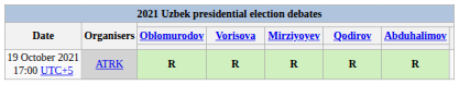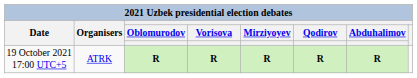 <table class="wikitable" style="font-size:95%; text-align:center;">
 <tr>
 <th colspan="8" style="background:#B0C4DE;">2021 Uzbek presidential election debates</th>
 </tr>
 <tr>
 <th rowspan="3">Date</th>
 <th rowspan="3">Organisers</th>
 <th colspan="10">    </th>
 </tr>
 <tr>
 <th scope="col" style="width:5em;"><a href='#'>Oblomurodov</a></th>
 <th scope="col" style="width:5em;"><a href='#'>Vorisova</a></th>
 <th scope="col" style="width:5em;"><a href='#'>Mirziyoyev</a></th>
 <th scope="col" style="width:5em;"><a href='#'>Qodirov</a></th>
 <th scope="col" style="width:5em;"><a href='#'>Abduhalimov</a></th>
 <th rowspan="2"></th>
 </tr>
 <tr>
 <th style="background:"></th>
 <th style="background:"></th>
 <th style="background:"></th>
 <th style="background:"></th>
 <th style="background:"></th>
 </tr>
 <tr>
 <td style="white-space:nowrap; text-align:center;">19 October 2021<br>17:00 <a href='#'>UTC+5</a></td>
-<td style="background: lightgrey; white-space:nowrap; text-align:center;"><a href='#'>ATRK</a></td>
+<td style="white-space:nowrap; text-align:center;"><a href='#'>ATRK</a></td>
 <td style="background:#D0F0C0;"><strong>R</strong><br></td>
 <td style="background:#D0F0C0;"><strong>R</strong><br></td>
 <td style="background:#D0F0C0;"><strong>R</strong><br></td>
 <td style="background:#D0F0C0;"><strong>R</strong><br></td>
 <td style="background:#D0F0C0;"><strong>R</strong><br></td>
 <td></td>
 </tr>
 </table>
